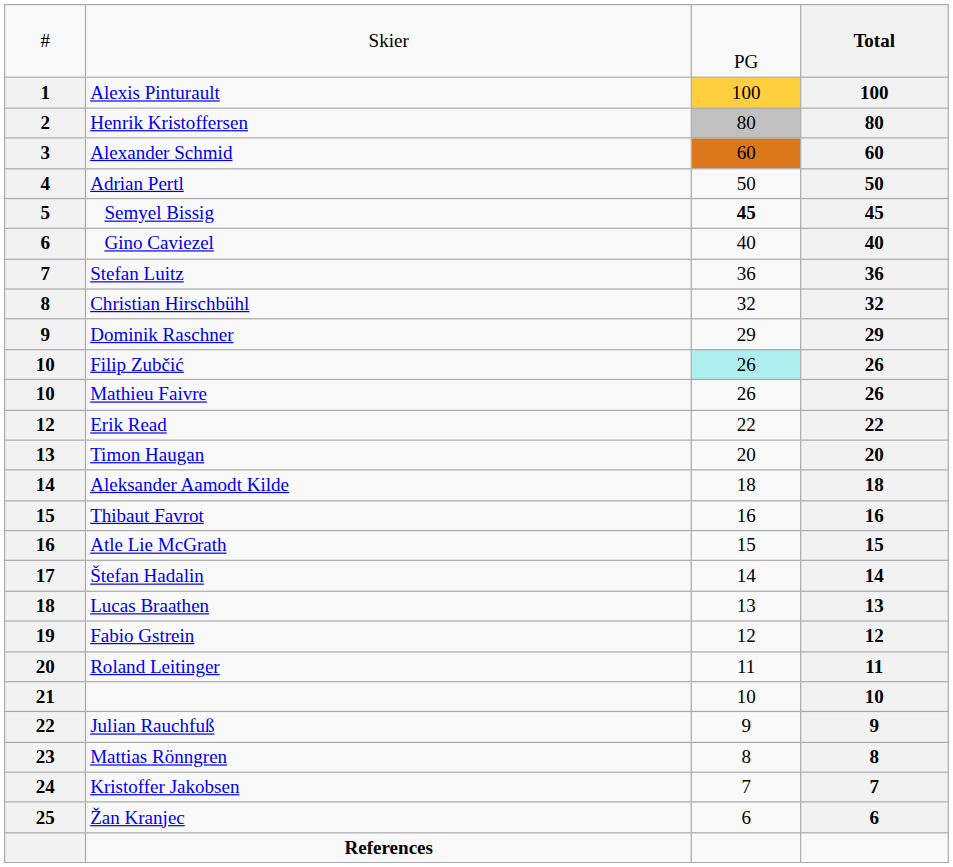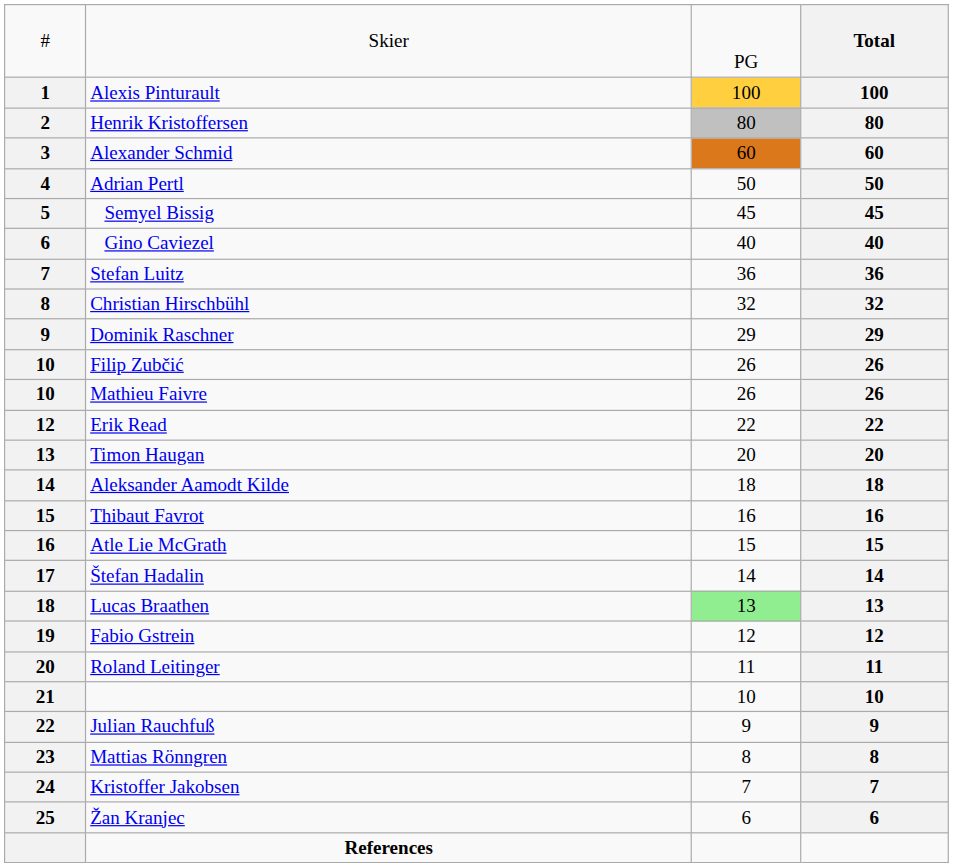 <table class="wikitable" width=40% style="font-size:100%; text-align:center;">
 <tr>
 <td>#</td>
 <td>Skier</td>
 <td><br> <br>PG</td>
 <th>Total</th>
 </tr>
 <tr>
 <th>1</th>
 <td align=left> <a href='#'>Alexis Pinturault</a></td>
 <td bgcolor=ffcf40>100</td>
 <th>100</th>
 </tr>
 <tr>
 <th>2</th>
 <td align=left> <a href='#'>Henrik Kristoffersen</a></td>
 <td bgcolor=c0c0c0>80</td>
 <th>80</th>
 </tr>
 <tr>
 <th>3</th>
 <td align=left> <a href='#'>Alexander Schmid</a></td>
 <td bgcolor=db781b>60</td>
 <th>60</th>
 </tr>
 <tr>
 <th>4</th>
 <td align=left> <a href='#'>Adrian Pertl</a></td>
 <td>50</td>
 <th>50</th>
 </tr>
 <tr>
 <th>5</th>
 <td align=left>   <a href='#'>Semyel Bissig</a></td>
-<td><strong>45</strong></td>
+<td>45</td>
 <th>45</th>
 </tr>
 <tr>
 <th>6</th>
 <td align=left>   <a href='#'>Gino Caviezel</a></td>
 <td>40</td>
 <th>40</th>
 </tr>
 <tr>
 <th>7</th>
 <td align=left> <a href='#'>Stefan Luitz</a></td>
 <td>36</td>
 <th>36</th>
 </tr>
 <tr>
 <th>8</th>
 <td align=left> <a href='#'>Christian Hirschbühl</a></td>
 <td>32</td>
 <th>32</th>
 </tr>
 <tr>
 <th>9</th>
 <td align=left> <a href='#'>Dominik Raschner</a></td>
 <td>29</td>
 <th>29</th>
 </tr>
 <tr>
 <th>10</th>
 <td align=left> <a href='#'>Filip Zubčić</a></td>
-<td style="background: paleturquoise;">26</td>
+<td>26</td>
 <th>26</th>
 </tr>
 <tr>
 <th>10</th>
 <td align=left> <a href='#'>Mathieu Faivre</a></td>
 <td>26</td>
 <th>26</th>
 </tr>
 <tr>
 <th>12</th>
 <td align=left> <a href='#'>Erik Read</a></td>
 <td>22</td>
 <th>22</th>
 </tr>
 <tr>
 <th>13</th>
 <td align=left> <a href='#'>Timon Haugan</a></td>
 <td>20</td>
 <th>20</th>
 </tr>
 <tr>
 <th>14</th>
 <td align=left> <a href='#'>Aleksander Aamodt Kilde</a></td>
 <td>18</td>
 <th>18</th>
 </tr>
 <tr>
 <th>15</th>
 <td align=left> <a href='#'>Thibaut Favrot</a></td>
 <td>16</td>
 <th>16</th>
 </tr>
 <tr>
 <th>16</th>
 <td align=left> <a href='#'>Atle Lie McGrath</a></td>
 <td>15</td>
 <th>15</th>
 </tr>
 <tr>
 <th>17</th>
 <td align=left> <a href='#'>Štefan Hadalin</a></td>
 <td>14</td>
 <th>14</th>
 </tr>
 <tr>
 <th>18</th>
 <td align=left> <a href='#'>Lucas Braathen</a></td>
-<td>13</td>
+<td style="background: lightgreen;">13</td>
 <th>13</th>
 </tr>
 <tr>
 <th>19</th>
 <td align=left> <a href='#'>Fabio Gstrein</a></td>
 <td>12</td>
 <th>12</th>
 </tr>
 <tr>
 <th>20</th>
 <td align=left> <a href='#'>Roland Leitinger</a></td>
 <td>11</td>
 <th>11</th>
 </tr>
 <tr>
 <th>21</th>
 <td align=left></td>
 <td>10</td>
 <th>10</th>
 </tr>
 <tr>
 <th>22</th>
 <td align=left> <a href='#'>Julian Rauchfuß</a></td>
 <td>9</td>
 <th>9</th>
 </tr>
 <tr>
 <th>23</th>
 <td align=left> <a href='#'>Mattias Rönngren</a></td>
 <td>8</td>
 <th>8</th>
 </tr>
 <tr>
 <th>24</th>
 <td align=left> <a href='#'>Kristoffer Jakobsen</a></td>
 <td>7</td>
 <th>7</th>
 </tr>
 <tr>
 <th>25</th>
 <td align=left> <a href='#'>Žan Kranjec</a></td>
 <td>6</td>
 <th>6</th>
 </tr>
 <tr>
 <th></th>
 <td align=center><strong>References</strong></td>
 <td></td>
 </tr>
 </table>
